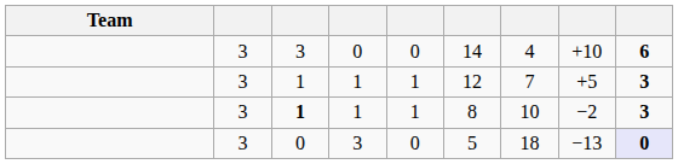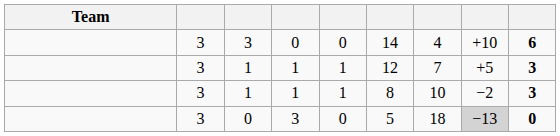 <table class="wikitable" style="text-align:center">
 <tr>
 <th width=165>Team</th>
 <th width=40></th>
 <th width=40></th>
 <th width=40></th>
 <th width=40></th>
 <th width=40></th>
 <th width=40></th>
 <th width=40></th>
 <th width=40></th>
 </tr>
 <tr>
 <td style="text-align:left;"></td>
 <td>3</td>
 <td>3</td>
 <td>0</td>
 <td>0</td>
 <td>14</td>
 <td>4</td>
 <td>+10</td>
 <td><strong>6</strong></td>
 </tr>
 <tr>
 <td style="text-align:left;"></td>
 <td>3</td>
 <td>1</td>
 <td>1</td>
 <td>1</td>
 <td>12</td>
 <td>7</td>
 <td>+5</td>
 <td><strong>3</strong></td>
 </tr>
 <tr>
 <td style="text-align:left;"></td>
 <td>3</td>
-<td><strong>1</strong></td>
+<td>1</td>
 <td>1</td>
 <td>1</td>
 <td>8</td>
 <td>10</td>
 <td>−2</td>
 <td><strong>3</strong></td>
 </tr>
 <tr>
 <td style="text-align:left;"></td>
 <td>3</td>
 <td>0</td>
 <td>3</td>
 <td>0</td>
 <td>5</td>
 <td>18</td>
-<td>−13</td>
-<td style="background: lavender;"><strong>0</strong></td>
+<td style="background: lightgrey;">−13</td>
+<td><strong>0</strong></td>
 </tr>
 </table>
